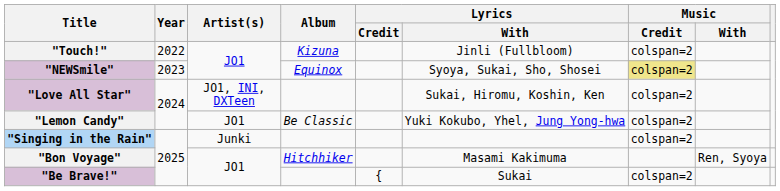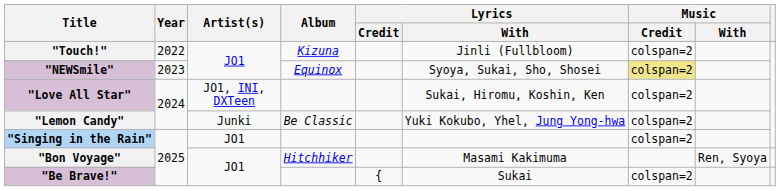 <table class="wikitable sortable plainrowheaders" style="text-align:center">
 <tr>
 <th scope="col" rowspan=2>Title</th>
 <th scope="col" rowspan=2>Year</th>
 <th scope="col" rowspan=2 width=100>Artist(s)</th>
 <th scope="col" rowspan=2>Album</th>
 <th scope="col" colspan=2>Lyrics</th>
 <th scope="col" colspan=2>Music</th>
 <th scope="col" rowspan=2 class="unsortable"></th>
 </tr>
 <tr>
 <th scope="col">Credit</th>
 <th scope="col" class="unsortable">With</th>
 <th scope="col">Credit</th>
 <th scope="col" class="unsortable">With</th>
 </tr>
 <tr>
 <th scope="row">"Touch!"</th>
 <td>2022</td>
 <td rowspan="2"><a href='#'>JO1</a></td>
 <td><em><a href='#'>Kizuna</a></em></td>
 <td></td>
 <td>Jinli (Fullbloom)</td>
 <td>colspan=2 </td>
 <td></td>
 </tr>
 <tr>
 <th scope="row" style="background-color:#D8BFD8">"NEWSmile" </th>
 <td>2023</td>
 <td><em><a href='#'>Equinox</a></em></td>
 <td></td>
 <td>Syoya, Sukai, Sho, Shosei</td>
 <td style="background: khaki;">colspan=2 </td>
 <td></td>
 </tr>
 <tr>
 <th scope="row" style="background-color:#D8BFD8">"Love All Star" </th>
 <td rowspan=2>2024</td>
 <td>JO1, <a href='#'>INI</a>, <a href='#'>DXTeen</a></td>
 <td></td>
 <td></td>
 <td>Sukai, Hiromu, Koshin, Ken</td>
 <td>colspan=2 </td>
 <td></td>
 </tr>
 <tr>
 <th scope="row">"Lemon Candy"</th>
-<td>JO1</td>
+<td>Junki</td>
 <td><em>Be Classic</em></td>
 <td></td>
 <td>Yuki Kokubo, Yhel, <a href='#'>Jung Yong-hwa</a></td>
 <td>colspan=2 </td>
 <td></td>
 </tr>
 <tr>
 <th scope="row" style="background-color:#b1d6f5">"Singing in the Rain" </th>
 <td rowspan=3>2025</td>
-<td>Junki</td>
+<td>JO1</td>
 <td></td>
 <td></td>
 <td></td>
 <td>colspan=2 </td>
 <td></td>
 </tr>
 <tr>
 <th scope="row">"Bon Voyage"</th>
 <td rowspan=2>JO1</td>
 <td><a href='#'><em>Hitchhiker</em></a></td>
 <td></td>
 <td>Masami Kakimuma</td>
 <td></td>
 <td>Ren, Syoya</td>
 <td></td>
 </tr>
 <tr>
 <th scope="row" style="background-color:#D8BFD8">"Be Brave!" </th>
 <td></td>
 <td>{</td>
 <td>Sukai</td>
 <td>colspan=2 </td>
 <td></td>
 </tr>
 </table>
